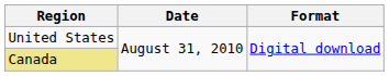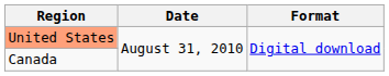 <table class="wikitable">
 <tr>
 <th>Region</th>
 <th>Date</th>
 <th>Format</th>
 </tr>
 <tr>
-<td>United States</td>
+<td style="background: lightsalmon;">United States</td>
 <td rowspan="2">August 31, 2010</td>
 <td rowspan="2"><a href='#'>Digital download</a></td>
 </tr>
 <tr>
-<td style="background: khaki;">Canada</td>
+<td>Canada</td>
 </tr>
 </table>
